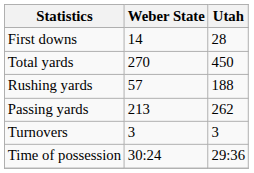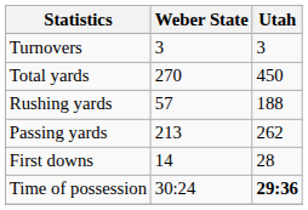 <table class="wikitable">
 <tr>
 <th>Statistics</th>
 <th>Weber State</th>
 <th>Utah</th>
 </tr>
 <tr>
-<td>First downs</td>
-<td>14</td>
-<td>28</td>
+<td>Turnovers</td>
+<td>3</td>
+<td>3</td>
 </tr>
 <tr>
 <td>Total yards</td>
 <td>270</td>
 <td>450</td>
 </tr>
 <tr>
 <td>Rushing yards</td>
 <td>57</td>
 <td>188</td>
 </tr>
 <tr>
 <td>Passing yards</td>
 <td>213</td>
 <td>262</td>
 </tr>
 <tr>
-<td>Turnovers</td>
-<td>3</td>
-<td>3</td>
+<td>First downs</td>
+<td>14</td>
+<td>28</td>
 </tr>
 <tr>
 <td>Time of possession</td>
 <td>30:24</td>
-<td>29:36</td>
+<td><strong>29:36</strong></td>
 </tr>
 <tr>
 </tr>
 </table>
